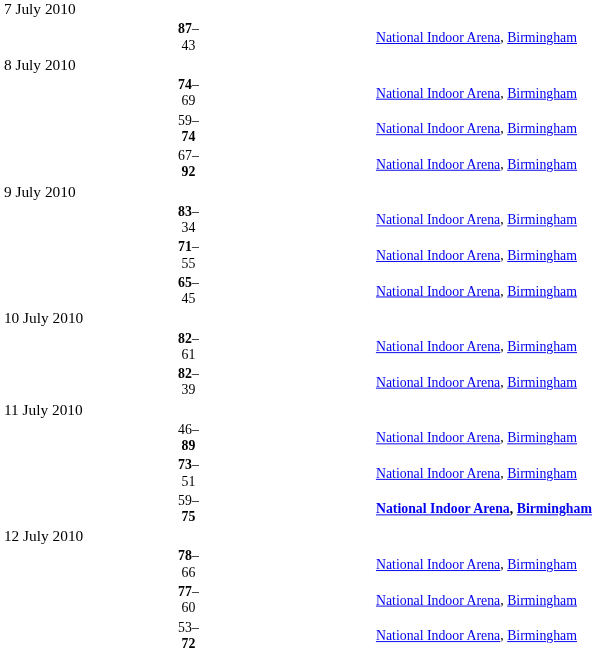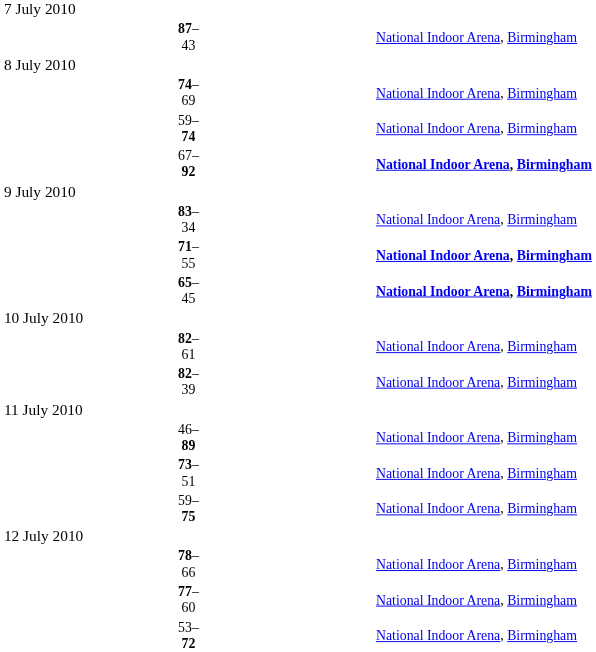 <table width=100% cellspacing=1>
 <tr>
 <th width=25%></th>
 <th width=3%></th>
 <th width=6%></th>
 <th width=3%></th>
 <th width=25%></th>
 </tr>
 <tr>
 <td>7 July 2010</td>
 </tr>
 <tr style=font-size:90%>
 <td align=right><strong></strong></td>
 <td></td>
 <td align=center><strong>87</strong>–43</td>
 <td></td>
 <td></td>
 <td><a href='#'>National Indoor Arena</a>, <a href='#'>Birmingham</a></td>
 </tr>
 <tr>
 <td>8 July 2010</td>
 </tr>
 <tr style=font-size:90%>
 <td align=right><strong></strong></td>
 <td></td>
 <td align=center><strong>74</strong>–69</td>
 <td></td>
 <td></td>
 <td><a href='#'>National Indoor Arena</a>, <a href='#'>Birmingham</a></td>
 </tr>
 <tr style=font-size:90%>
 <td align=right></td>
 <td></td>
 <td align=center>59–<strong>74</strong></td>
 <td></td>
 <td><strong></strong></td>
 <td><a href='#'>National Indoor Arena</a>, <a href='#'>Birmingham</a></td>
 </tr>
 <tr style=font-size:90%>
 <td align=right></td>
 <td></td>
 <td align=center>67–<strong>92</strong></td>
 <td></td>
 <td><strong></strong></td>
-<td><a href='#'>National Indoor Arena</a>, <a href='#'>Birmingham</a></td>
+<td><strong><a href='#'>National Indoor Arena</a>, <a href='#'>Birmingham</a></strong></td>
 </tr>
 <tr>
 <td>9 July 2010</td>
 </tr>
 <tr style=font-size:90%>
 <td align=right><strong></strong></td>
 <td></td>
 <td align=center><strong>83</strong>–34</td>
 <td></td>
 <td></td>
 <td><a href='#'>National Indoor Arena</a>, <a href='#'>Birmingham</a></td>
 </tr>
 <tr style=font-size:90%>
 <td align=right><strong></strong></td>
 <td></td>
 <td align=center><strong>71</strong>–55</td>
 <td></td>
 <td></td>
-<td><a href='#'>National Indoor Arena</a>, <a href='#'>Birmingham</a></td>
+<td><strong><a href='#'>National Indoor Arena</a>, <a href='#'>Birmingham</a></strong></td>
 </tr>
 <tr style=font-size:90%>
 <td align=right><strong></strong></td>
 <td></td>
 <td align=center><strong>65</strong>–45</td>
 <td></td>
 <td></td>
-<td><a href='#'>National Indoor Arena</a>, <a href='#'>Birmingham</a></td>
+<td><strong><a href='#'>National Indoor Arena</a>, <a href='#'>Birmingham</a></strong></td>
 </tr>
 <tr>
 <td>10 July 2010</td>
 </tr>
 <tr style=font-size:90%>
 <td align=right><strong></strong></td>
 <td></td>
 <td align=center><strong>82</strong>–61</td>
 <td></td>
 <td></td>
 <td><a href='#'>National Indoor Arena</a>, <a href='#'>Birmingham</a></td>
 </tr>
 <tr style=font-size:90%>
 <td align=right><strong></strong></td>
 <td></td>
 <td align=center><strong>82</strong>–39</td>
 <td></td>
 <td></td>
 <td><a href='#'>National Indoor Arena</a>, <a href='#'>Birmingham</a></td>
 </tr>
 <tr>
 <td>11 July 2010</td>
 </tr>
 <tr style=font-size:90%>
 <td align=right></td>
 <td></td>
 <td align=center>46–<strong>89</strong></td>
 <td></td>
 <td><strong></strong></td>
 <td><a href='#'>National Indoor Arena</a>, <a href='#'>Birmingham</a></td>
 </tr>
 <tr style=font-size:90%>
 <td align=right><strong></strong></td>
 <td></td>
 <td align=center><strong>73</strong>–51</td>
 <td></td>
 <td></td>
 <td><a href='#'>National Indoor Arena</a>, <a href='#'>Birmingham</a></td>
 </tr>
 <tr style=font-size:90%>
 <td align=right></td>
 <td></td>
 <td align=center>59–<strong>75</strong></td>
 <td></td>
 <td><strong></strong></td>
-<td><strong><a href='#'>National Indoor Arena</a>, <a href='#'>Birmingham</a></strong></td>
+<td><a href='#'>National Indoor Arena</a>, <a href='#'>Birmingham</a></td>
 </tr>
 <tr>
 <td>12 July 2010</td>
 </tr>
 <tr style=font-size:90%>
 <td align=right><strong></strong></td>
 <td></td>
 <td align=center><strong>78</strong>–66</td>
 <td></td>
 <td></td>
 <td><a href='#'>National Indoor Arena</a>, <a href='#'>Birmingham</a></td>
 </tr>
 <tr style=font-size:90%>
 <td align=right><strong></strong></td>
 <td></td>
 <td align=center><strong>77</strong>–60</td>
 <td></td>
 <td></td>
 <td><a href='#'>National Indoor Arena</a>, <a href='#'>Birmingham</a></td>
 </tr>
 <tr style=font-size:90%>
 <td align=right></td>
 <td></td>
 <td align=center>53–<strong>72</strong></td>
 <td></td>
 <td><strong></strong></td>
 <td><a href='#'>National Indoor Arena</a>, <a href='#'>Birmingham</a></td>
 </tr>
 </table>
